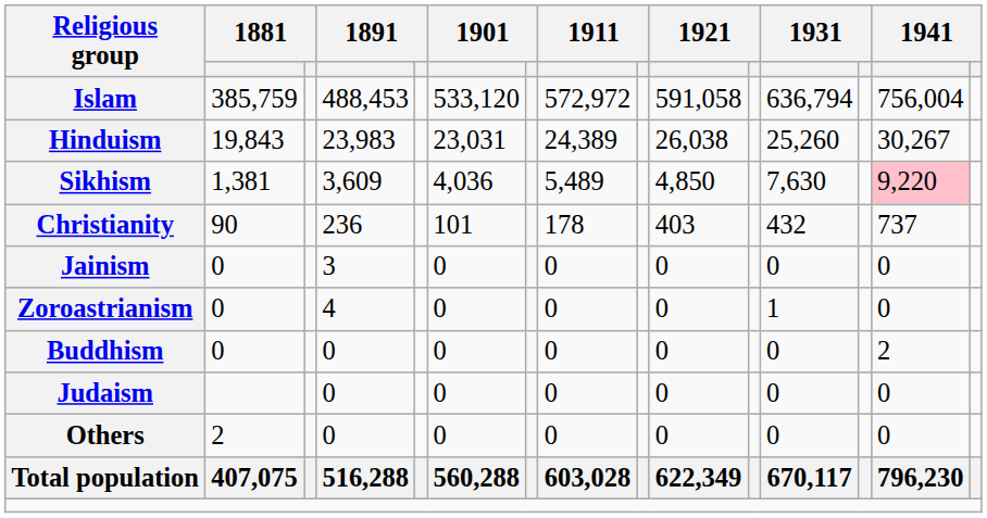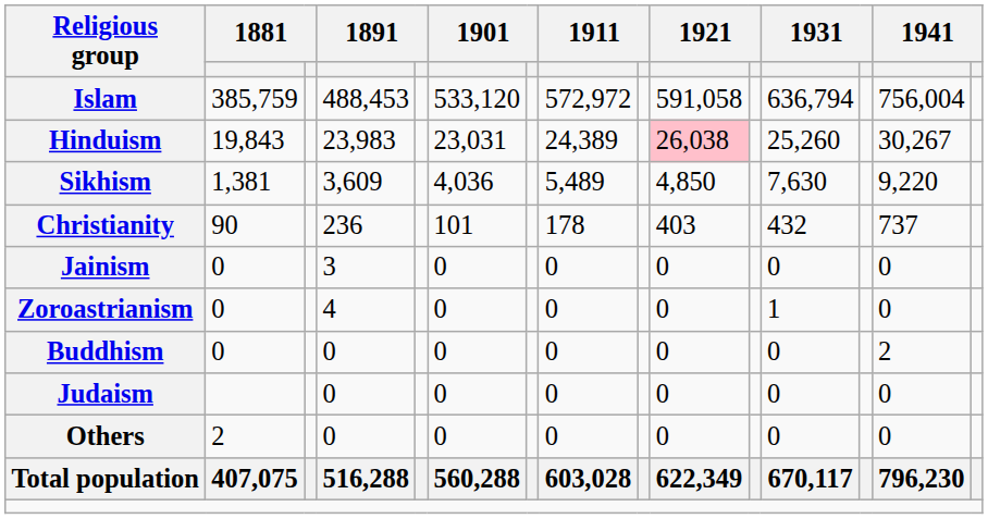 <table class="wikitable sortable">
 <tr>
 <th rowspan="2"><a href='#'>Religious</a><br>group</th>
 <th colspan="2">1881</th>
 <th colspan="2">1891</th>
 <th colspan="2">1901</th>
 <th colspan="2">1911</th>
 <th colspan="2">1921</th>
 <th colspan="2">1931</th>
 <th colspan="2">1941</th>
 </tr>
 <tr>
 <th><a href='#'></a></th>
 <th></th>
 <th></th>
 <th></th>
 <th></th>
 <th></th>
 <th></th>
 <th></th>
 <th></th>
 <th></th>
 <th></th>
 <th></th>
 <th></th>
 <th></th>
 </tr>
 <tr>
 <th><a href='#'>Islam</a> </th>
 <td>385,759</td>
 <td></td>
 <td>488,453</td>
 <td></td>
 <td>533,120</td>
 <td></td>
 <td>572,972</td>
 <td></td>
 <td>591,058</td>
 <td></td>
 <td>636,794</td>
 <td></td>
 <td>756,004</td>
 <td></td>
 </tr>
 <tr>
 <th><a href='#'>Hinduism</a> </th>
 <td>19,843</td>
 <td></td>
 <td>23,983</td>
 <td></td>
 <td>23,031</td>
 <td></td>
 <td>24,389</td>
 <td></td>
-<td>26,038</td>
+<td style="background: pink;">26,038</td>
 <td></td>
 <td>25,260</td>
 <td></td>
 <td>30,267</td>
 <td></td>
 </tr>
 <tr>
 <th><a href='#'>Sikhism</a> </th>
 <td>1,381</td>
 <td></td>
 <td>3,609</td>
 <td></td>
 <td>4,036</td>
 <td></td>
 <td>5,489</td>
 <td></td>
 <td>4,850</td>
 <td></td>
 <td>7,630</td>
 <td></td>
-<td style="background: pink;">9,220</td>
+<td>9,220</td>
 <td></td>
 </tr>
 <tr>
 <th><a href='#'>Christianity</a> </th>
 <td>90</td>
 <td></td>
 <td>236</td>
 <td></td>
 <td>101</td>
 <td></td>
 <td>178</td>
 <td></td>
 <td>403</td>
 <td></td>
 <td>432</td>
 <td></td>
 <td>737</td>
 <td></td>
 </tr>
 <tr>
 <th><a href='#'>Jainism</a> </th>
 <td>0</td>
 <td></td>
 <td>3</td>
 <td></td>
 <td>0</td>
 <td></td>
 <td>0</td>
 <td></td>
 <td>0</td>
 <td></td>
 <td>0</td>
 <td></td>
 <td>0</td>
 <td></td>
 </tr>
 <tr>
 <th><a href='#'>Zoroastrianism</a> </th>
 <td>0</td>
 <td></td>
 <td>4</td>
 <td></td>
 <td>0</td>
 <td></td>
 <td>0</td>
 <td></td>
 <td>0</td>
 <td></td>
 <td>1</td>
 <td></td>
 <td>0</td>
 <td></td>
 </tr>
 <tr>
 <th><a href='#'>Buddhism</a> </th>
 <td>0</td>
 <td></td>
 <td>0</td>
 <td></td>
 <td>0</td>
 <td></td>
 <td>0</td>
 <td></td>
 <td>0</td>
 <td></td>
 <td>0</td>
 <td></td>
 <td>2</td>
 <td></td>
 </tr>
 <tr>
 <th><a href='#'>Judaism</a> </th>
 <td></td>
 <td></td>
 <td>0</td>
 <td></td>
 <td>0</td>
 <td></td>
 <td>0</td>
 <td></td>
 <td>0</td>
 <td></td>
 <td>0</td>
 <td></td>
 <td>0</td>
 <td></td>
 </tr>
 <tr>
 <th>Others</th>
 <td>2</td>
 <td></td>
 <td>0</td>
 <td></td>
 <td>0</td>
 <td></td>
 <td>0</td>
 <td></td>
 <td>0</td>
 <td></td>
 <td>0</td>
 <td></td>
 <td>0</td>
 <td></td>
 </tr>
 <tr>
 <th>Total population</th>
 <th>407,075</th>
 <th></th>
 <th>516,288</th>
 <th></th>
 <th>560,288</th>
 <th></th>
 <th>603,028</th>
 <th></th>
 <th>622,349</th>
 <th></th>
 <th>670,117</th>
 <th></th>
 <th>796,230</th>
 <th></th>
 </tr>
 <tr class="sortbottom">
 <td colspan="15"></td>
 </tr>
 </table>
